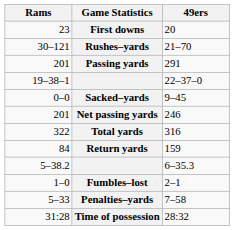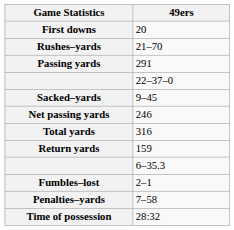 <table class="wikitable" style="margin: 1em auto 1em auto">
 <tr>
-<th style="width:30%;">Rams</th>
 <th style="width:40%;">Game Statistics</th>
 <th style="width:30%;">49ers</th>
 </tr>
 <tr>
-<td style="text-align:right;">23</td>
 <th>First downs</th>
 <td>20</td>
 </tr>
 <tr>
-<td style="text-align:right;">30–121</td>
 <th>Rushes–yards</th>
 <td>21–70</td>
 </tr>
 <tr>
-<td style="text-align:right;">201</td>
 <th>Passing yards</th>
 <td>291</td>
 </tr>
 <tr>
-<td style="text-align:right;">19–38–1</td>
 <th></th>
 <td>22–37–0</td>
 </tr>
 <tr>
-<td style="text-align:right;">0–0</td>
 <th>Sacked–yards</th>
 <td>9–45</td>
 </tr>
 <tr>
-<td style="text-align:right;">201</td>
 <th>Net passing yards</th>
 <td>246</td>
 </tr>
 <tr>
-<td style="text-align:right;">322</td>
 <th>Total yards</th>
 <td>316</td>
 </tr>
 <tr>
-<td style="text-align:right;">84</td>
 <th>Return yards</th>
 <td>159</td>
 </tr>
 <tr>
-<td style="text-align:right;">5–38.2</td>
 <th></th>
 <td>6–35.3</td>
 </tr>
 <tr>
-<td style="text-align:right;">1–0</td>
 <th>Fumbles–lost</th>
 <td>2–1</td>
 </tr>
 <tr>
-<td style="text-align:right;">5–33</td>
 <th>Penalties–yards</th>
 <td>7–58</td>
 </tr>
 <tr>
-<td style="text-align:right;">31:28</td>
 <th>Time of possession</th>
 <td>28:32</td>
 </tr>
 </table>
